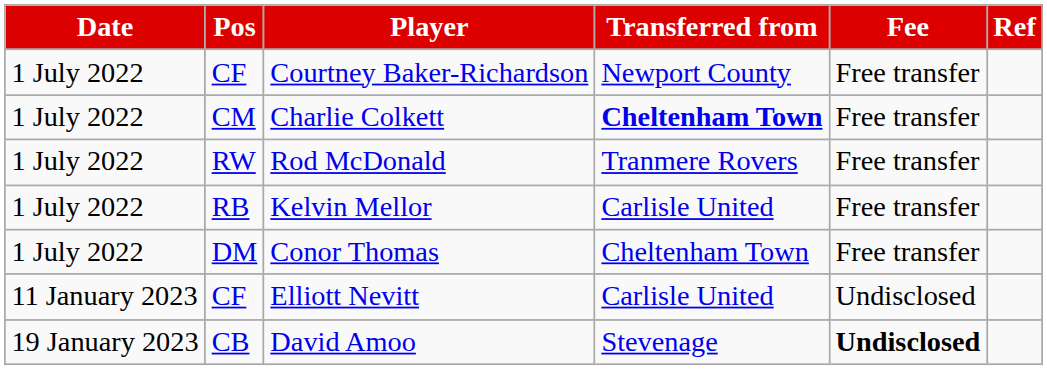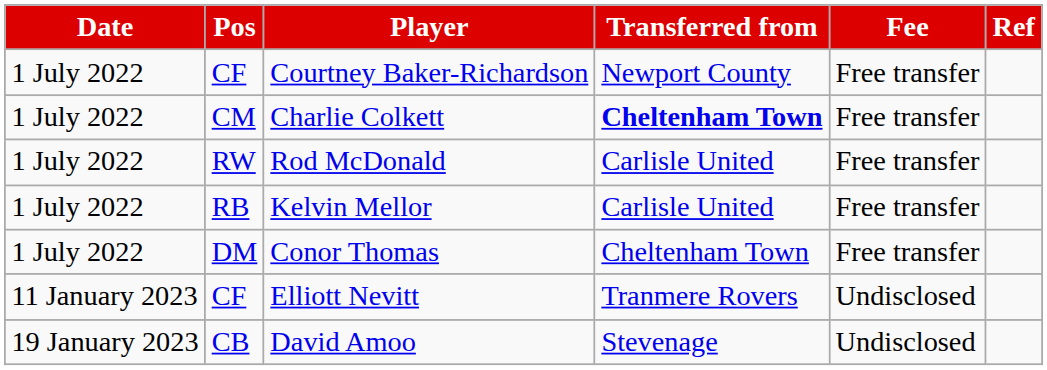 <table class="wikitable plainrowheaders sortable">
 <tr>
 <th style="background:#DD0000; color:#ffffff; ">Date</th>
 <th style="background:#DD0000; color:#ffffff; ">Pos</th>
 <th style="background:#DD0000; color:#ffffff; ">Player</th>
 <th style="background:#DD0000; color:#ffffff; ">Transferred from</th>
 <th style="background:#DD0000; color:#ffffff; ">Fee</th>
 <th style="background:#DD0000; color:#ffffff; ">Ref</th>
 </tr>
 <tr>
 <td>1 July 2022</td>
 <td><a href='#'>CF</a></td>
 <td> <a href='#'>Courtney Baker-Richardson</a></td>
 <td> <a href='#'>Newport County</a></td>
 <td>Free transfer</td>
 <td></td>
 </tr>
 <tr>
 <td>1 July 2022</td>
 <td><a href='#'>CM</a></td>
 <td> <a href='#'>Charlie Colkett</a></td>
 <td><strong> <a href='#'>Cheltenham Town</a></strong></td>
 <td>Free transfer</td>
 <td></td>
 </tr>
 <tr>
 <td>1 July 2022</td>
 <td><a href='#'>RW</a></td>
 <td> <a href='#'>Rod McDonald</a></td>
-<td> <a href='#'>Tranmere Rovers</a></td>
+<td> <a href='#'>Carlisle United</a></td>
 <td>Free transfer</td>
 <td></td>
 </tr>
 <tr>
 <td>1 July 2022</td>
 <td><a href='#'>RB</a></td>
 <td> <a href='#'>Kelvin Mellor</a></td>
 <td> <a href='#'>Carlisle United</a></td>
 <td>Free transfer</td>
 <td></td>
 </tr>
 <tr>
 <td>1 July 2022</td>
 <td><a href='#'>DM</a></td>
 <td> <a href='#'>Conor Thomas</a></td>
 <td> <a href='#'>Cheltenham Town</a></td>
 <td>Free transfer</td>
 <td></td>
 </tr>
 <tr>
 <td>11 January 2023</td>
 <td><a href='#'>CF</a></td>
 <td> <a href='#'>Elliott Nevitt</a></td>
-<td> <a href='#'>Carlisle United</a></td>
+<td> <a href='#'>Tranmere Rovers</a></td>
 <td>Undisclosed</td>
 <td></td>
 </tr>
 <tr>
 <td>19 January 2023</td>
 <td><a href='#'>CB</a></td>
 <td> <a href='#'>David Amoo</a></td>
 <td> <a href='#'>Stevenage</a></td>
-<td><strong>Undisclosed</strong></td>
+<td>Undisclosed</td>
 <td></td>
 </tr>
 </table>
